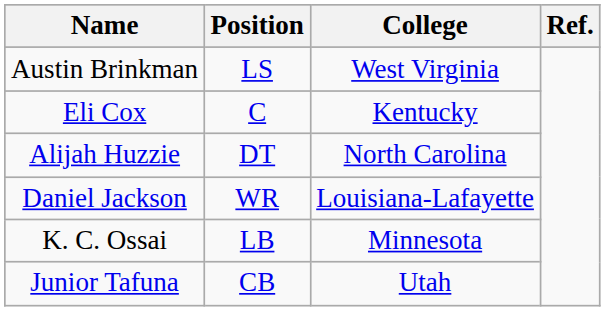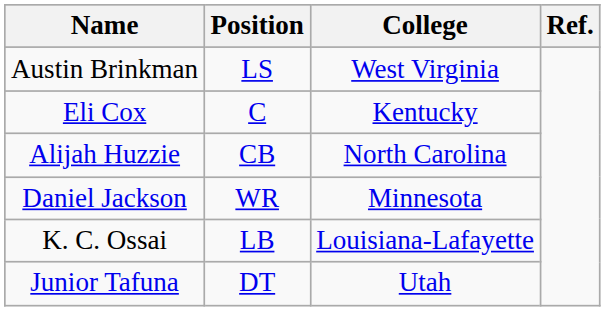 <table class="wikitable" style="text-align:center">
 <tr>
 <th>Name</th>
 <th>Position</th>
 <th>College</th>
 <th>Ref.</th>
 </tr>
 <tr>
 <td>Austin Brinkman</td>
 <td><a href='#'>LS</a></td>
 <td><a href='#'>West Virginia</a></td>
 <td rowspan="6"></td>
 </tr>
 <tr>
 <td><a href='#'>Eli Cox</a></td>
 <td><a href='#'>C</a></td>
 <td><a href='#'>Kentucky</a></td>
 </tr>
 <tr>
 <td><a href='#'>Alijah Huzzie</a></td>
-<td><a href='#'>DT</a></td>
+<td><a href='#'>CB</a></td>
 <td><a href='#'>North Carolina</a></td>
 </tr>
 <tr>
 <td><a href='#'>Daniel Jackson</a></td>
 <td><a href='#'>WR</a></td>
-<td><a href='#'>Louisiana-Lafayette</a></td>
+<td><a href='#'>Minnesota</a></td>
 </tr>
 <tr>
 <td>K. C. Ossai</td>
 <td><a href='#'>LB</a></td>
-<td><a href='#'>Minnesota</a></td>
+<td><a href='#'>Louisiana-Lafayette</a></td>
 </tr>
 <tr>
 <td><a href='#'>Junior Tafuna</a></td>
-<td><a href='#'>CB</a></td>
+<td><a href='#'>DT</a></td>
 <td><a href='#'>Utah</a></td>
 </tr>
 </table>
